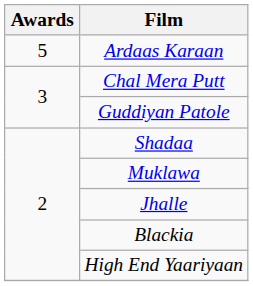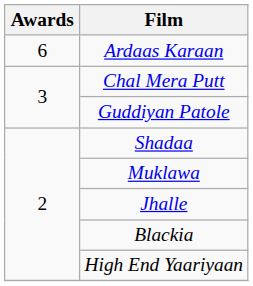 <table class="wikitable plainrowheaders" style="text-align:center;">
 <tr>
 <th scope="col" style="width:55px;">Awards</th>
 <th scope="col" style="text-align:center;">Film</th>
 </tr>
 <tr>
-<td scope=row style="text-align:center">5</td>
+<td scope=row style="text-align:center">6</td>
 <td><em><a href='#'>Ardaas Karaan</a></em></td>
 </tr>
 <tr>
 <td scope=row style="text-align:center" rowspan="2">3</td>
 <td><em><a href='#'>Chal Mera Putt</a></em></td>
 </tr>
 <tr>
 <td><em><a href='#'>Guddiyan Patole</a></em></td>
 </tr>
 <tr>
 <td scope=row style="text-align:center" rowspan="5">2</td>
 <td><em><a href='#'>Shadaa</a></em></td>
 </tr>
 <tr>
 <td><em><a href='#'>Muklawa</a></em></td>
 </tr>
 <tr>
 <td><em><a href='#'>Jhalle</a></em></td>
 </tr>
 <tr>
 <td><em>Blackia</em></td>
 </tr>
 <tr>
 <td><em>High End Yaariyaan</em></td>
 </tr>
 <tr>
 </tr>
 </table>
